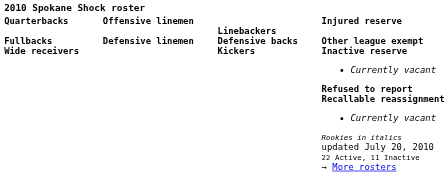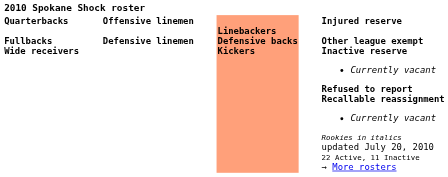 <table class="toccolours" style="text-align: left;">
 <tr>
 <th colspan="7"><strong>2010 Spokane Shock roster</strong></th>
 </tr>
 <tr>
 <td style="font-size: 95%;" valign="top"><strong>Quarterbacks</strong><br> <br><strong>Fullbacks</strong> <br><strong>Wide receivers</strong>     </td>
 <td style="width: 25px;"></td>
 <td style="font-size: 95%;" valign="top"><strong>Offensive linemen</strong><br>  <br><strong>Defensive linemen</strong>    </td>
 <td style="width: 25px;"></td>
-<td style="font-size: 95%;" valign="top"><br><strong>Linebackers</strong>  <br><strong>Defensive backs</strong>    <br><strong>Kickers</strong> </td>
+<td style="background: lightsalmon; font-size: 95%;" valign="top"><br><strong>Linebackers</strong>  <br><strong>Defensive backs</strong>    <br><strong>Kickers</strong> </td>
 <td style="width: 25px;"></td>
 <td style="font-size: 95%;" valign="top"><strong>Injured reserve</strong><br>       <br><strong>Other league exempt</strong>   <br><strong>Inactive reserve</strong><ul><li><em>Currently vacant</em></li></ul><strong>Refused to report</strong> <br><strong>Recallable reassignment</strong><ul><li><em>Currently vacant</em></li></ul><small><em>Rookies in italics</em></small><br> <span></span> updated July 20, 2010<br> <small>22 Active, 11 Inactive</small><br>→ <a href='#'>More rosters</a></td>
 </tr>
 <tr>
 </tr>
 </table>
